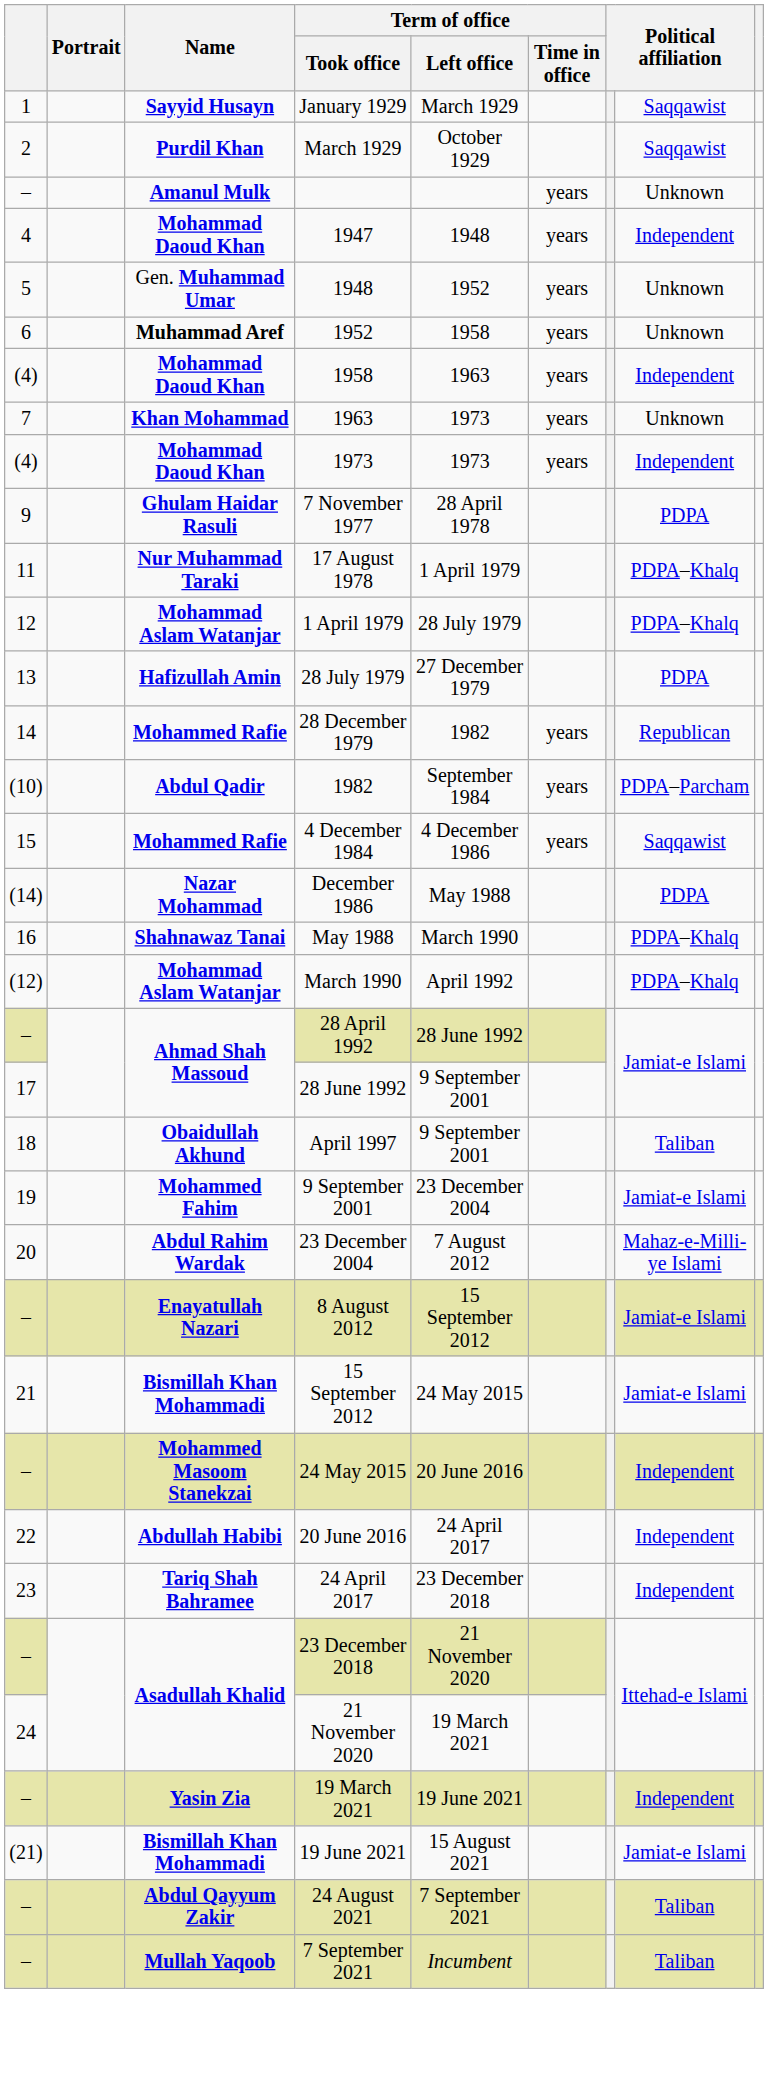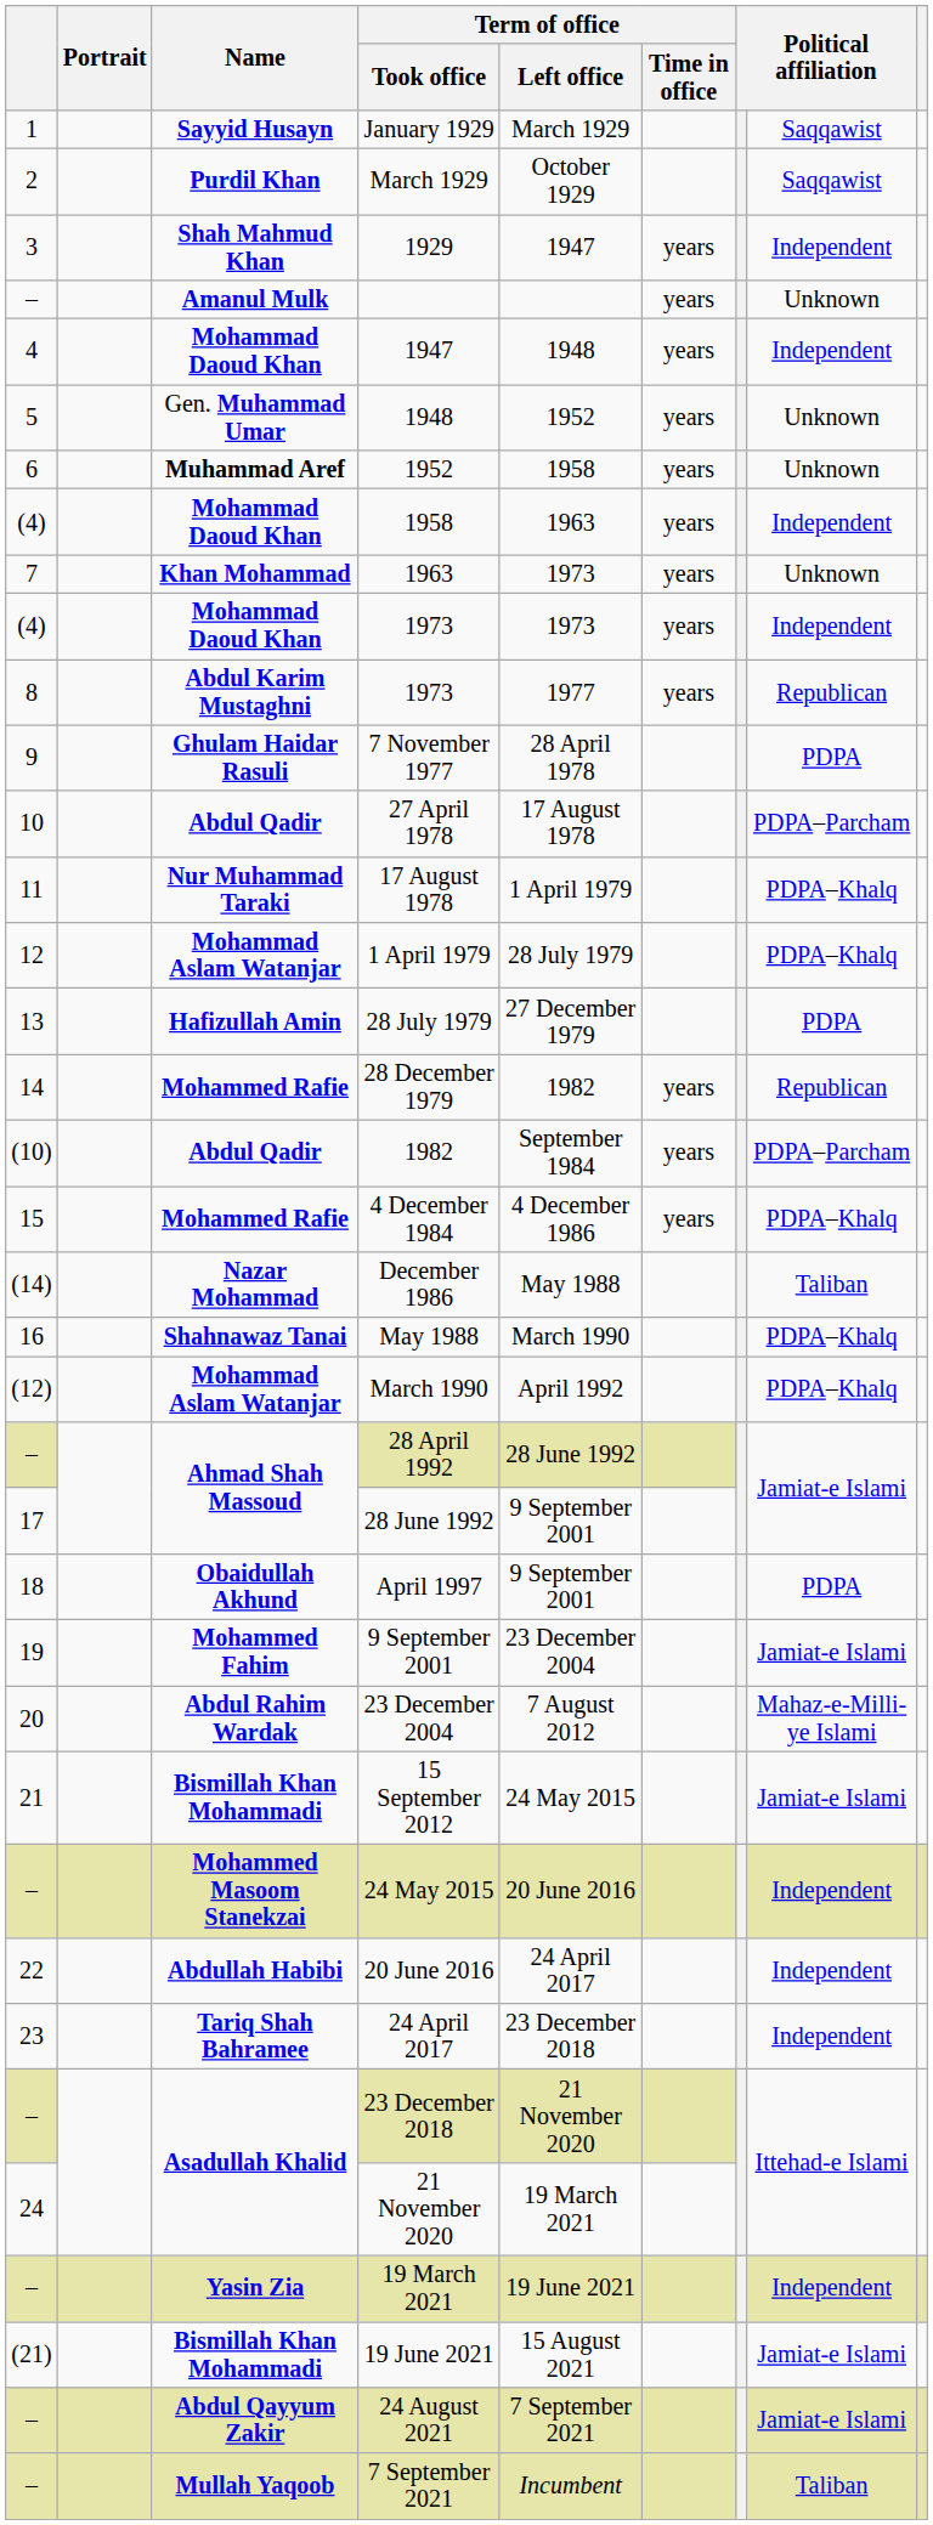 <table class="wikitable" style="text-align:center">
 <tr>
 <th rowspan=2></th>
 <th rowspan=2>Portrait</th>
 <th rowspan=2>Name<br></th>
 <th colspan=3>Term of office</th>
 <th colspan=2 rowspan=2>Political affiliation</th>
 <th rowspan=2></th>
 </tr>
 <tr>
 <th>Took office</th>
 <th>Left office</th>
 <th>Time in office</th>
 </tr>
 <tr>
 <td>1</td>
 <td></td>
 <td><strong><a href='#'>Sayyid Husayn</a></strong><br></td>
 <td>January 1929</td>
 <td>March 1929</td>
 <td></td>
 <th style="background:"></th>
 <td><a href='#'>Saqqawist</a></td>
 <td></td>
 </tr>
 <tr>
 <td>2</td>
 <td></td>
 <td><strong><a href='#'>Purdil Khan</a></strong><br></td>
 <td>March 1929</td>
 <td>October 1929</td>
 <td></td>
 <th style="background:"></th>
 <td><a href='#'>Saqqawist</a></td>
+<td></td>
+</tr>
+<tr>
+<td>3</td>
+<td></td>
+<td><strong><a href='#'>Shah Mahmud Khan</a></strong><br></td>
+<td>1929</td>
+<td>1947</td>
+<td> years</td>
+<th style="background:"></th>
+<td><a href='#'>Independent</a></td>
 <td></td>
 </tr>
 <tr>
 <td>–</td>
 <td></td>
 <td><strong><a href='#'>Amanul Mulk</a></strong><br></td>
 <td></td>
 <td></td>
 <td> years</td>
 <th style="background:"></th>
 <td>Unknown</td>
 <td></td>
 </tr>
 <tr>
 <td>4</td>
 <td></td>
 <td><strong><a href='#'>Mohammad Daoud Khan</a></strong><br></td>
 <td>1947</td>
 <td>1948</td>
 <td> years</td>
 <th style="background:"></th>
 <td><a href='#'>Independent</a></td>
 <td></td>
 </tr>
 <tr>
 <td>5</td>
 <td></td>
 <td>Gen. <strong><a href='#'>Muhammad Umar</a></strong><br></td>
 <td>1948</td>
 <td>1952</td>
 <td> years</td>
 <th style="background:"></th>
 <td>Unknown</td>
 <td></td>
 </tr>
 <tr>
 <td>6</td>
 <td></td>
 <td><strong>Muhammad Aref</strong></td>
 <td>1952</td>
 <td>1958</td>
 <td> years</td>
 <th style="background:"></th>
 <td>Unknown</td>
 <td></td>
 </tr>
 <tr>
 <td>(4)</td>
 <td></td>
 <td><strong><a href='#'>Mohammad Daoud Khan</a></strong><br></td>
 <td>1958</td>
 <td>1963</td>
 <td> years</td>
 <th style="background:"></th>
 <td><a href='#'>Independent</a></td>
 <td></td>
 </tr>
 <tr>
 <td>7</td>
 <td></td>
 <td><strong><a href='#'>Khan Mohammad</a></strong><br></td>
 <td>1963</td>
 <td>1973</td>
 <td> years</td>
 <th style="background:"></th>
 <td>Unknown</td>
 <td></td>
 </tr>
 <tr>
 <td>(4)</td>
 <td></td>
 <td><strong><a href='#'>Mohammad Daoud Khan</a></strong><br></td>
 <td>1973</td>
 <td>1973</td>
 <td> years</td>
 <th style="background:"></th>
 <td><a href='#'>Independent</a></td>
 <td></td>
 </tr>
 <tr>
+<td>8</td>
+<td></td>
+<td><strong><a href='#'>Abdul Karim Mustaghni</a></strong><br></td>
+<td>1973</td>
+<td>1977</td>
+<td> years</td>
+<th style="background:"></th>
+<td><a href='#'>Republican</a><br></td>
+<td></td>
+</tr>
+<tr>
 <td>9</td>
 <td></td>
 <td><strong><a href='#'>Ghulam Haidar Rasuli</a></strong><br></td>
 <td>7 November 1977</td>
 <td>28 April 1978</td>
 <td></td>
 <th style="background:"></th>
 <td><a href='#'>PDPA</a></td>
+<td></td>
+</tr>
+<tr>
+<td>10</td>
+<td></td>
+<td><strong><a href='#'>Abdul Qadir</a></strong><br></td>
+<td>27 April 1978</td>
+<td>17 August 1978</td>
+<td></td>
+<th style="background:"></th>
+<td><a href='#'>PDPA</a>–<a href='#'>Parcham</a></td>
 <td></td>
 </tr>
 <tr>
 <td>11</td>
 <td></td>
 <td><strong><a href='#'>Nur Muhammad Taraki</a></strong><br></td>
 <td>17 August 1978</td>
 <td>1 April 1979</td>
 <td></td>
 <th style="background:"></th>
 <td><a href='#'>PDPA</a>–<a href='#'>Khalq</a></td>
 <td></td>
 </tr>
 <tr>
 <td>12</td>
 <td></td>
 <td><strong><a href='#'>Mohammad Aslam Watanjar</a></strong><br></td>
 <td>1 April 1979</td>
 <td>28 July 1979</td>
 <td></td>
 <th style="background:"></th>
 <td><a href='#'>PDPA</a>–<a href='#'>Khalq</a></td>
 <td></td>
 </tr>
 <tr>
 <td>13</td>
 <td></td>
 <td><strong><a href='#'>Hafizullah Amin</a></strong><br></td>
 <td>28 July 1979</td>
 <td>27 December 1979</td>
 <td></td>
 <th style="background:"></th>
 <td><a href='#'>PDPA</a></td>
 <td></td>
 </tr>
 <tr>
 <td>14</td>
 <td></td>
 <td><strong><a href='#'>Mohammed Rafie</a></strong><br></td>
 <td>28 December 1979</td>
 <td>1982</td>
 <td> years</td>
 <th style="background:"></th>
 <td><a href='#'>Republican</a></td>
 </tr>
 <tr>
 <td>(10)</td>
 <td></td>
 <td><strong><a href='#'>Abdul Qadir</a></strong><br></td>
 <td>1982</td>
 <td>September 1984</td>
 <td> years</td>
 <th style="background:"></th>
 <td><a href='#'>PDPA</a>–<a href='#'>Parcham</a></td>
 <td></td>
 </tr>
 <tr>
 <td>15</td>
 <td></td>
 <td><strong><a href='#'>Mohammed Rafie</a></strong><br></td>
 <td>4 December 1984</td>
 <td>4 December 1986</td>
 <td> years</td>
 <th style="background:"></th>
-<td><a href='#'>Saqqawist</a></td>
+<td><a href='#'>PDPA</a>–<a href='#'>Khalq</a></td>
 <td></td>
 </tr>
 <tr>
 <td>(14)</td>
 <td></td>
 <td><strong><a href='#'>Nazar Mohammad</a></strong><br></td>
 <td>December 1986</td>
 <td>May 1988</td>
 <td></td>
 <th style="background:"></th>
-<td><a href='#'>PDPA</a></td>
+<td><a href='#'>Taliban</a></td>
 <td></td>
 </tr>
 <tr>
 <td>16</td>
 <td></td>
 <td><strong><a href='#'>Shahnawaz Tanai</a></strong><br></td>
 <td>May 1988</td>
 <td>March 1990</td>
 <td></td>
 <th style="background:"></th>
 <td><a href='#'>PDPA</a>–<a href='#'>Khalq</a></td>
 <td></td>
 </tr>
 <tr>
 <td>(12)</td>
 <td></td>
 <td><strong><a href='#'>Mohammad Aslam Watanjar</a></strong><br></td>
 <td>March 1990</td>
 <td>April 1992</td>
 <td></td>
 <th style="background:"></th>
 <td><a href='#'>PDPA</a>–<a href='#'>Khalq</a></td>
 <td></td>
 </tr>
 <tr>
 <td style="background:#e6e6aa;">–</td>
 <td rowspan=2></td>
 <td rowspan=2><strong><a href='#'>Ahmad Shah Massoud</a></strong><br></td>
 <td style="background:#e6e6aa;">28 April 1992</td>
 <td style="background:#e6e6aa;">28 June 1992</td>
 <td style="background:#e6e6aa;"></td>
 <th rowspan=2 style="background:"></th>
 <td rowspan=2><a href='#'>Jamiat-e Islami</a></td>
 <td rowspan=2></td>
 </tr>
 <tr>
 <td>17</td>
 <td>28 June 1992</td>
 <td>9 September 2001</td>
 <td></td>
 </tr>
 <tr>
 <td>18</td>
 <td></td>
 <td><strong><a href='#'>Obaidullah Akhund</a></strong><br></td>
 <td>April 1997</td>
 <td>9 September 2001</td>
 <td></td>
 <th style="background:"></th>
-<td><a href='#'>Taliban</a></td>
+<td><a href='#'>PDPA</a></td>
 <td></td>
 </tr>
 <tr>
 <td>19</td>
 <td></td>
 <td><strong><a href='#'>Mohammed Fahim</a></strong><br></td>
 <td>9 September 2001</td>
 <td>23 December 2004</td>
 <td></td>
 <th style="background:"></th>
 <td><a href='#'>Jamiat-e Islami</a></td>
 <td></td>
 </tr>
 <tr>
 <td>20</td>
 <td></td>
 <td><strong><a href='#'>Abdul Rahim Wardak</a></strong><br></td>
 <td>23 December 2004</td>
 <td>7 August 2012</td>
 <td></td>
 <th style="background:"></th>
 <td><a href='#'>Mahaz-e-Milli-ye Islami</a></td>
-<td></td>
-</tr>
-<tr style="background:#e6e6aa;">
-<td>–</td>
-<td></td>
-<td><strong><a href='#'>Enayatullah Nazari</a></strong><br></td>
-<td>8 August 2012</td>
-<td>15 September 2012</td>
-<td></td>
-<th style="background:"></th>
-<td><a href='#'>Jamiat-e Islami</a></td>
 <td></td>
 </tr>
 <tr>
 <td>21</td>
 <td></td>
 <td><strong><a href='#'>Bismillah Khan Mohammadi</a></strong><br></td>
 <td>15 September 2012</td>
 <td>24 May 2015</td>
 <td></td>
 <th style="background:"></th>
 <td><a href='#'>Jamiat-e Islami</a></td>
 <td></td>
 </tr>
 <tr style="background:#e6e6aa;">
 <td>–</td>
 <td></td>
 <td><strong><a href='#'>Mohammed Masoom Stanekzai</a></strong><br></td>
 <td>24 May 2015</td>
 <td>20 June 2016</td>
 <td></td>
 <th style="background:"></th>
 <td><a href='#'>Independent</a><br><em></em></td>
 <td></td>
 </tr>
 <tr>
 <td>22</td>
 <td></td>
 <td><strong><a href='#'>Abdullah Habibi</a></strong><br></td>
 <td>20 June 2016</td>
 <td>24 April 2017</td>
 <td></td>
 <th style="background:"></th>
 <td><a href='#'>Independent</a><br><em></em></td>
 <td></td>
 </tr>
 <tr>
 <td>23</td>
 <td></td>
 <td><strong><a href='#'>Tariq Shah Bahramee</a></strong><br></td>
 <td>24 April 2017</td>
 <td>23 December 2018</td>
 <td></td>
 <th style="background:"></th>
 <td><a href='#'>Independent</a><br><em></em></td>
 <td></td>
 </tr>
 <tr>
 <td style="background:#e6e6aa;">–</td>
 <td rowspan=2></td>
 <td rowspan=2><strong><a href='#'>Asadullah Khalid</a></strong><br></td>
 <td style="background:#e6e6aa;">23 December 2018</td>
 <td style="background:#e6e6aa;">21 November 2020</td>
 <td style="background:#e6e6aa;"></td>
 <th rowspan=2 style="background:"></th>
 <td rowspan=2><a href='#'>Ittehad-e Islami</a></td>
 <td rowspan=2></td>
 </tr>
 <tr>
 <td>24</td>
 <td>21 November 2020</td>
 <td>19 March 2021</td>
 <td></td>
 </tr>
 <tr style="background:#e6e6aa;">
 <td>–</td>
 <td></td>
 <td><strong><a href='#'>Yasin Zia</a></strong><br></td>
 <td>19 March 2021</td>
 <td>19 June 2021</td>
 <td></td>
 <th style="background:"></th>
 <td><a href='#'>Independent</a><br><em></em></td>
 <td></td>
 </tr>
 <tr>
 <td>(21)</td>
 <td></td>
 <td><strong><a href='#'>Bismillah Khan Mohammadi</a></strong><br></td>
 <td>19 June 2021</td>
 <td>15 August 2021</td>
 <td></td>
 <th style="background:"></th>
 <td><a href='#'>Jamiat-e Islami</a></td>
 <td></td>
 </tr>
 <tr style="background:#e6e6aa;">
 <td>–</td>
 <td></td>
 <td><strong><a href='#'>Abdul Qayyum Zakir</a></strong><br></td>
 <td>24 August 2021</td>
 <td>7 September 2021</td>
 <td></td>
 <th style="background:"></th>
-<td><a href='#'>Taliban</a></td>
+<td><a href='#'>Jamiat-e Islami</a></td>
 <td></td>
 </tr>
 <tr style="background:#e6e6aa;">
 <td>–</td>
 <td></td>
 <td><strong><a href='#'>Mullah Yaqoob</a></strong><br></td>
 <td>7 September 2021</td>
 <td><em>Incumbent</em></td>
 <td></td>
 <th style="background:"></th>
 <td><a href='#'>Taliban</a></td>
 <td></td>
 </tr>
 </table>
